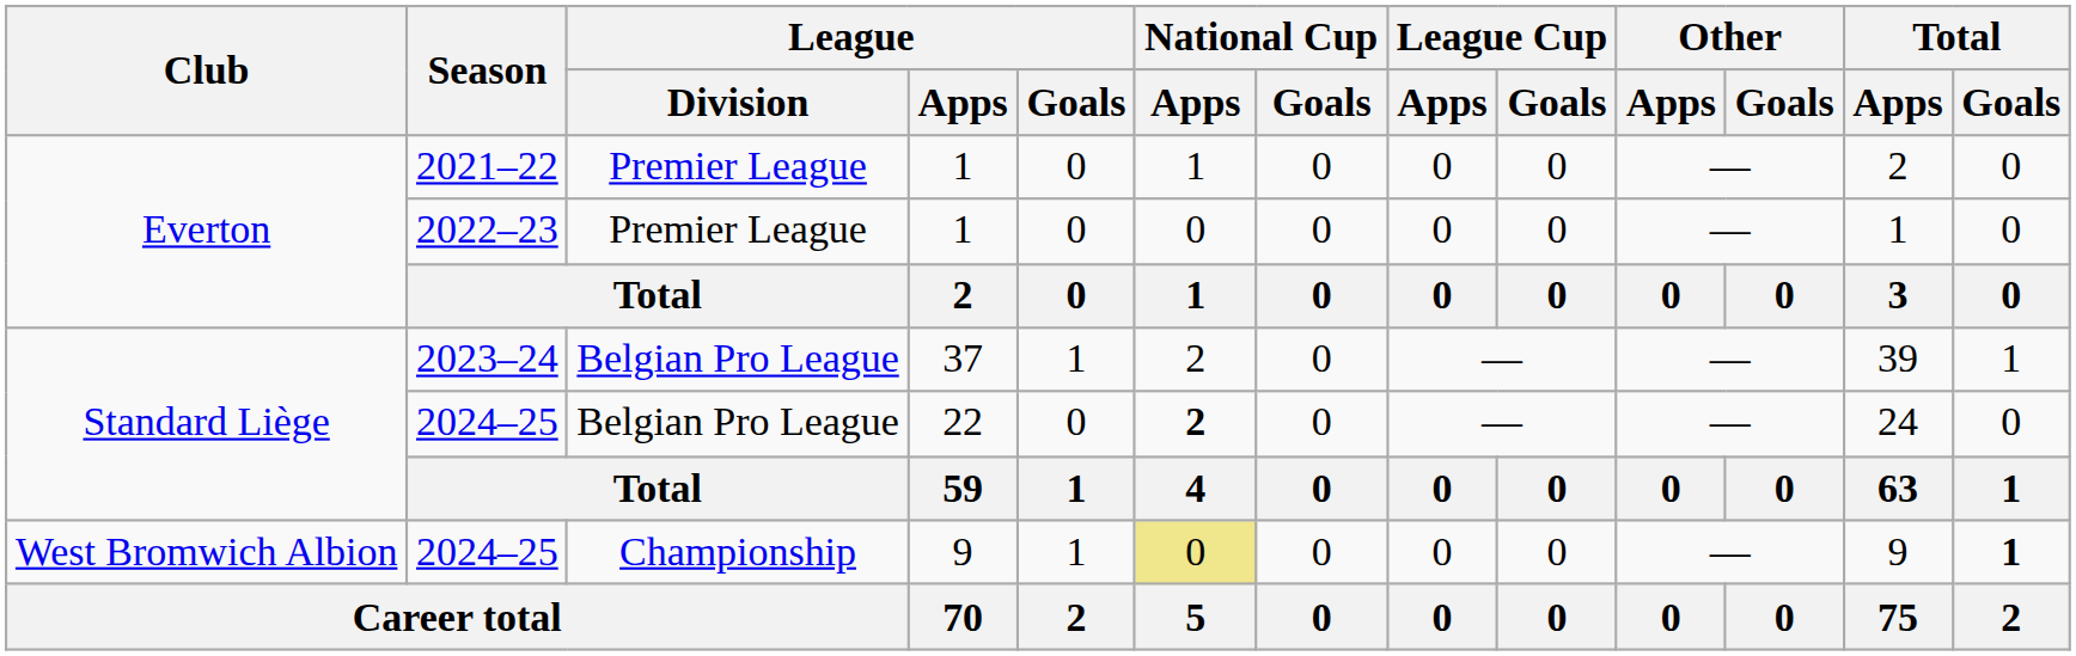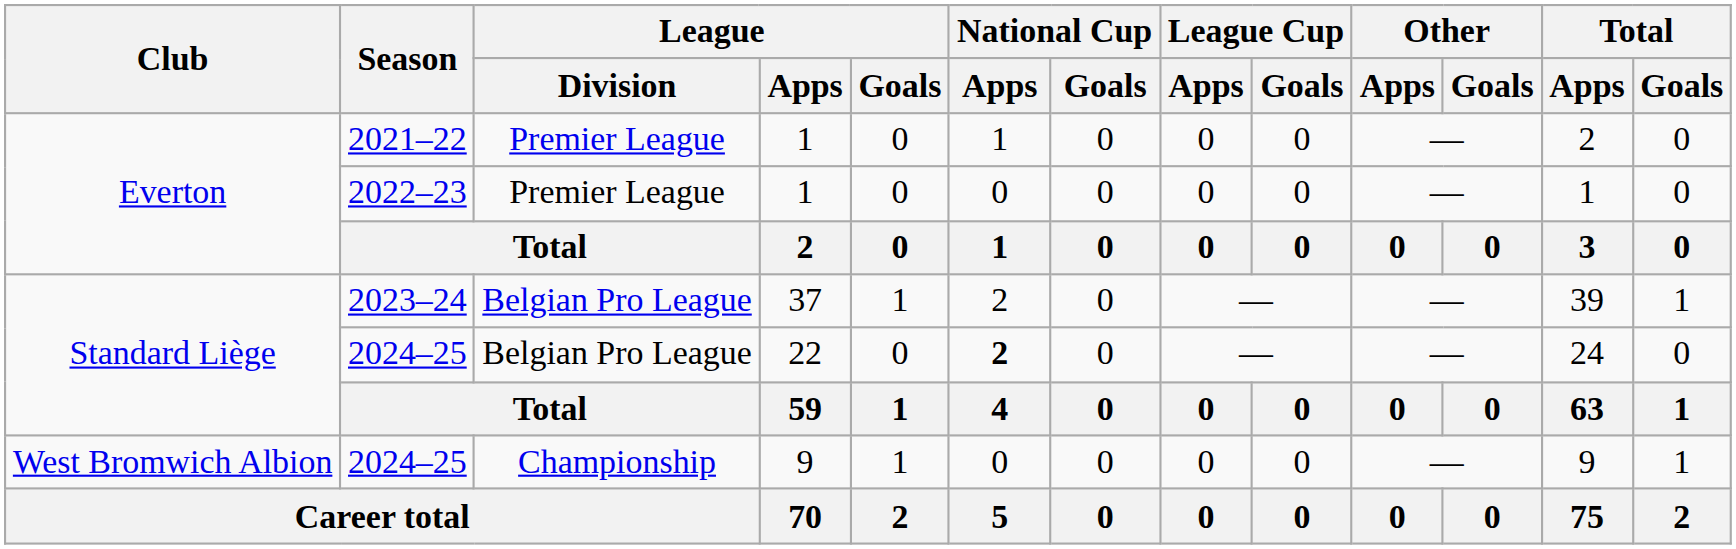 <table class="wikitable" style="text-align: center;">
 <tr>
 <th rowspan="2">Club</th>
 <th rowspan="2">Season</th>
 <th colspan="3">League</th>
 <th colspan="2">National Cup</th>
 <th colspan="2">League Cup</th>
 <th colspan="2">Other</th>
 <th colspan="2">Total</th>
 </tr>
 <tr>
 <th>Division</th>
 <th>Apps</th>
 <th>Goals</th>
 <th>Apps</th>
 <th>Goals</th>
 <th>Apps</th>
 <th>Goals</th>
 <th>Apps</th>
 <th>Goals</th>
 <th>Apps</th>
 <th>Goals</th>
 </tr>
 <tr>
 <td rowspan="3"><a href='#'>Everton</a></td>
 <td><a href='#'>2021–22</a></td>
 <td><a href='#'>Premier League</a></td>
 <td>1</td>
 <td>0</td>
 <td>1</td>
 <td>0</td>
 <td>0</td>
 <td>0</td>
 <td colspan="2">—</td>
 <td>2</td>
 <td>0</td>
 </tr>
 <tr>
 <td><a href='#'>2022–23</a></td>
 <td>Premier League</td>
 <td>1</td>
 <td>0</td>
 <td>0</td>
 <td>0</td>
 <td>0</td>
 <td>0</td>
 <td colspan="2">—</td>
 <td>1</td>
 <td>0</td>
 </tr>
 <tr>
 <th colspan="2">Total</th>
 <th>2</th>
 <th>0</th>
 <th>1</th>
 <th>0</th>
 <th>0</th>
 <th>0</th>
 <th>0</th>
 <th>0</th>
 <th>3</th>
 <th>0</th>
 </tr>
 <tr>
 <td rowspan="3"><a href='#'>Standard Liège</a></td>
 <td><a href='#'>2023–24</a></td>
 <td><a href='#'>Belgian Pro League</a></td>
 <td>37</td>
 <td>1</td>
 <td>2</td>
 <td>0</td>
 <td colspan="2">—</td>
 <td colspan="2">—</td>
 <td>39</td>
 <td>1</td>
 </tr>
 <tr>
 <td><a href='#'>2024–25</a></td>
 <td>Belgian Pro League</td>
 <td>22</td>
 <td>0</td>
 <td><strong>2</strong></td>
 <td>0</td>
 <td colspan="2">—</td>
 <td colspan="2">—</td>
 <td>24</td>
 <td>0</td>
 </tr>
 <tr>
 <th colspan="2">Total</th>
 <th>59</th>
 <th>1</th>
 <th>4</th>
 <th>0</th>
 <th>0</th>
 <th>0</th>
 <th>0</th>
 <th>0</th>
 <th>63</th>
 <th>1</th>
 </tr>
 <tr>
 <td><a href='#'>West Bromwich Albion</a></td>
 <td><a href='#'>2024–25</a></td>
 <td><a href='#'>Championship</a></td>
 <td>9</td>
 <td>1</td>
-<td style="background: khaki;">0</td>
+<td>0</td>
 <td>0</td>
 <td>0</td>
 <td>0</td>
 <td colspan="2">—</td>
 <td>9</td>
-<td><strong>1</strong></td>
+<td>1</td>
 </tr>
 <tr>
 <th colspan="3">Career total</th>
 <th>70</th>
 <th>2</th>
 <th>5</th>
 <th>0</th>
 <th>0</th>
 <th>0</th>
 <th>0</th>
 <th>0</th>
 <th>75</th>
 <th>2</th>
 </tr>
 </table>
